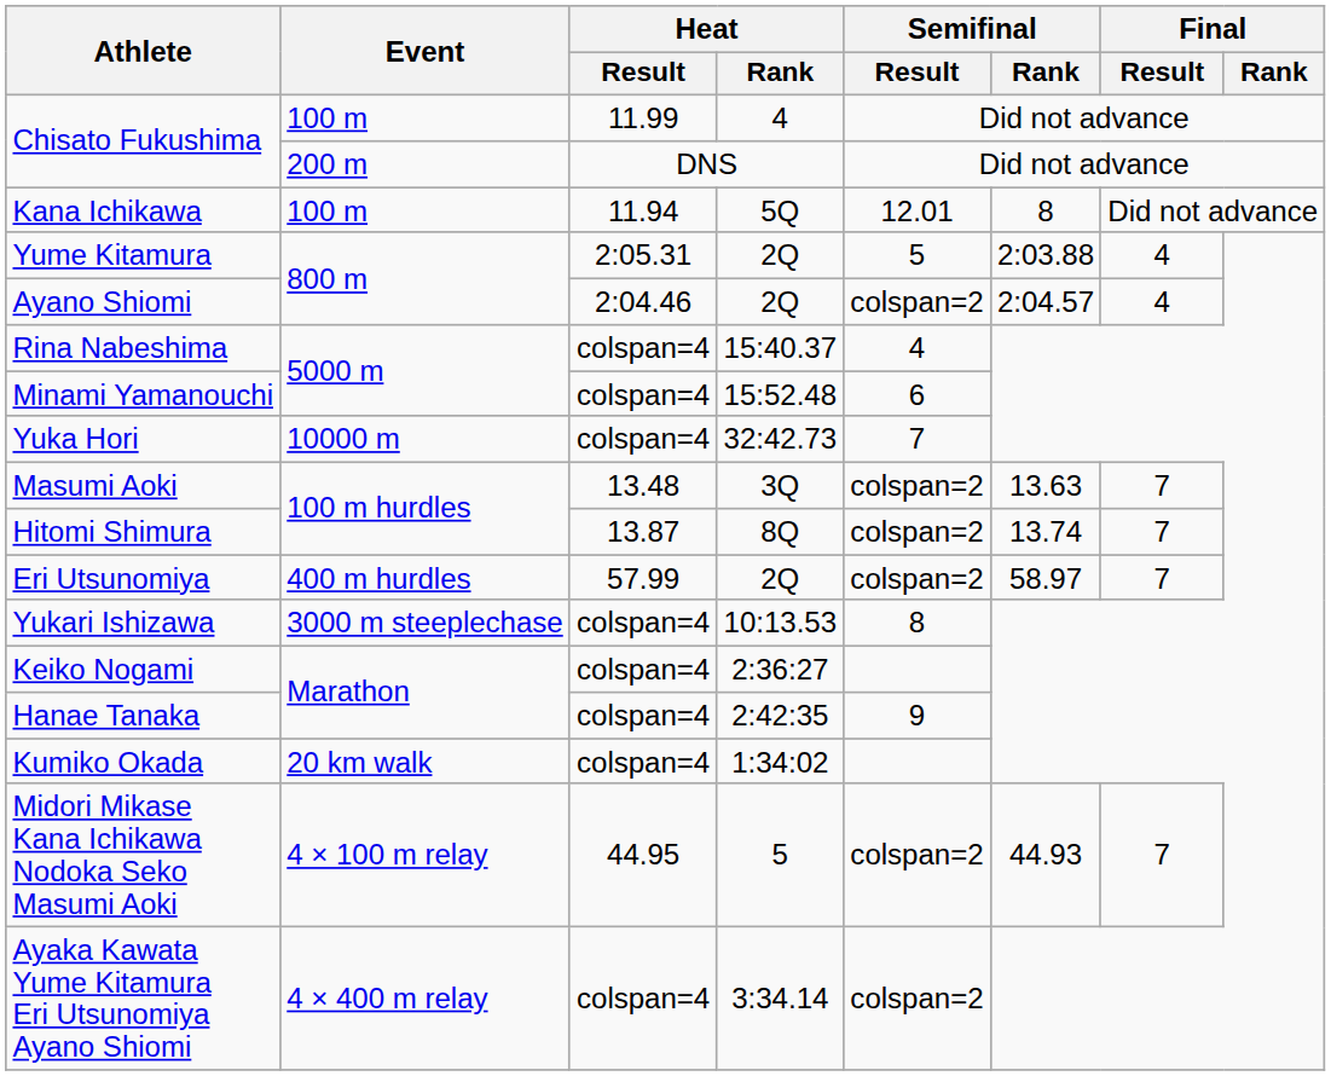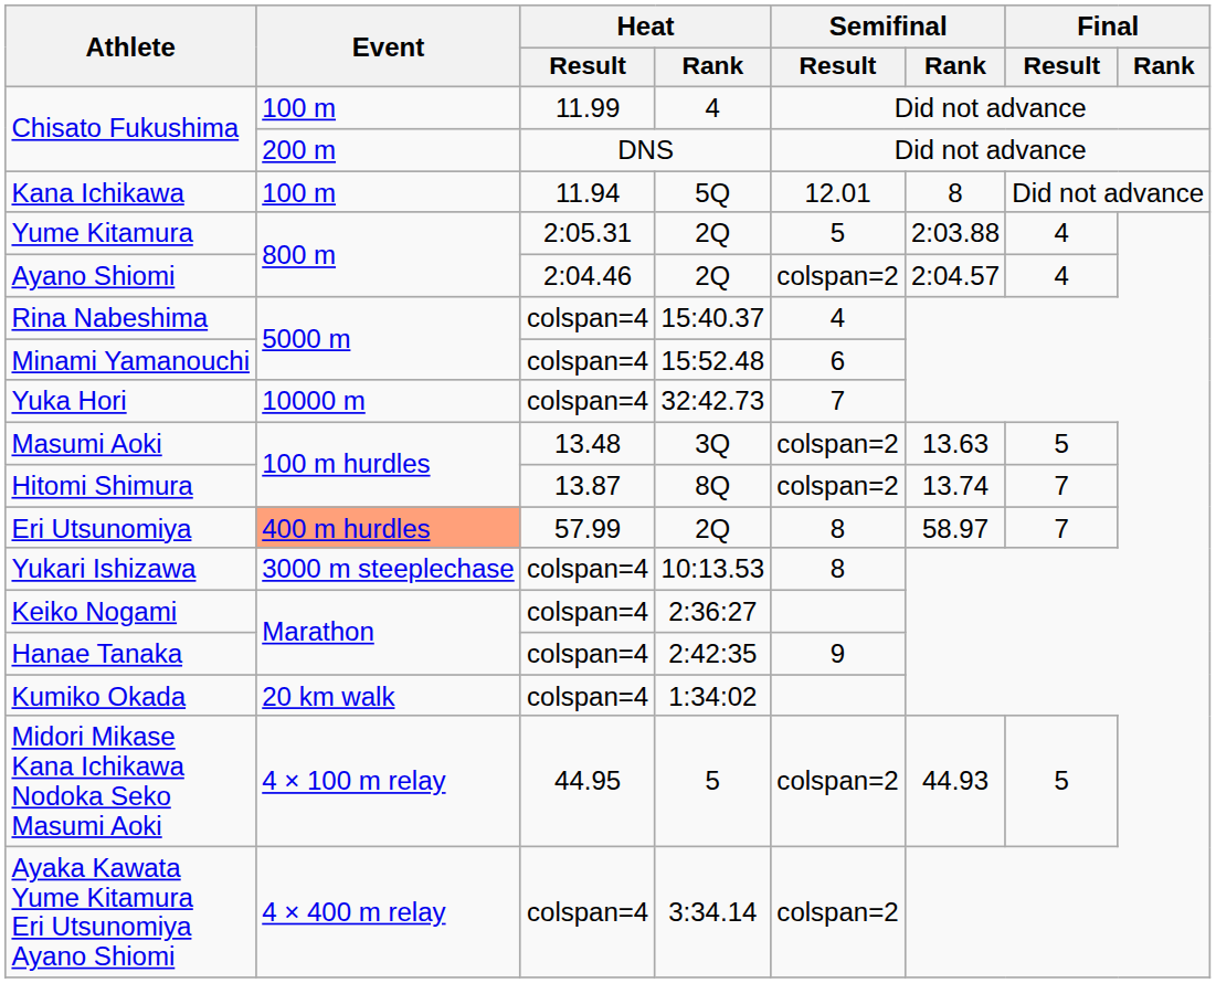 <table class="wikitable" style="font-size:90%">
 <tr>
 <th rowspan="2">Athlete</th>
 <th rowspan="2">Event</th>
 <th colspan="2">Heat</th>
 <th colspan="2">Semifinal</th>
 <th colspan="2">Final</th>
 </tr>
 <tr style="font-size:95%">
 <th>Result</th>
 <th>Rank</th>
 <th>Result</th>
 <th>Rank</th>
 <th>Result</th>
 <th>Rank</th>
 </tr>
 <tr style="text-align:center">
 <td style="text-align:left" rowspan=2><a href='#'>Chisato Fukushima</a></td>
 <td style="text-align:left"><a href='#'>100 m</a></td>
 <td>11.99</td>
 <td>4</td>
 <td colspan=4>Did not advance</td>
 </tr>
 <tr style="text-align:center">
 <td style="text-align:left"><a href='#'>200 m</a></td>
 <td colspan=2>DNS</td>
 <td colspan=4>Did not advance</td>
 </tr>
 <tr style="text-align:center">
 <td style="text-align:left"><a href='#'>Kana Ichikawa</a></td>
 <td style="text-align:left"><a href='#'>100 m</a></td>
 <td>11.94</td>
 <td>5Q</td>
 <td>12.01</td>
 <td>8</td>
 <td colspan=2>Did not advance</td>
 </tr>
 <tr style="text-align:center">
 <td style="text-align:left"><a href='#'>Yume Kitamura</a></td>
 <td style="text-align:left" rowspan=2><a href='#'>800 m</a></td>
 <td>2:05.31</td>
 <td>2Q</td>
 <td>5</td>
 <td>2:03.88</td>
 <td>4</td>
 </tr>
 <tr style="text-align:center">
 <td style="text-align:left"><a href='#'>Ayano Shiomi</a></td>
 <td>2:04.46</td>
 <td>2Q</td>
 <td>colspan=2 </td>
 <td>2:04.57</td>
 <td>4</td>
 </tr>
 <tr style="text-align:center">
 <td style="text-align:left"><a href='#'>Rina Nabeshima</a></td>
 <td style="text-align:left" rowspan=2><a href='#'>5000 m</a></td>
 <td>colspan=4 </td>
 <td>15:40.37</td>
 <td>4</td>
 </tr>
 <tr style="text-align:center">
 <td style="text-align:left"><a href='#'>Minami Yamanouchi</a></td>
 <td>colspan=4 </td>
 <td>15:52.48</td>
 <td>6</td>
 </tr>
 <tr style="text-align:center">
 <td style="text-align:left"><a href='#'>Yuka Hori</a></td>
 <td style="text-align:left"><a href='#'>10000 m</a></td>
 <td>colspan=4 </td>
 <td>32:42.73</td>
 <td>7</td>
 </tr>
 <tr style="text-align:center">
 <td style="text-align:left"><a href='#'>Masumi Aoki</a></td>
 <td style="text-align:left" rowspan=2><a href='#'>100 m hurdles</a></td>
 <td>13.48</td>
 <td>3Q</td>
 <td>colspan=2 </td>
 <td>13.63</td>
-<td>7</td>
+<td>5</td>
 </tr>
 <tr style="text-align:center">
 <td style="text-align:left"><a href='#'>Hitomi Shimura</a></td>
 <td>13.87</td>
 <td>8Q</td>
 <td>colspan=2 </td>
 <td>13.74</td>
 <td>7</td>
 </tr>
 <tr style="text-align:center">
 <td style="text-align:left"><a href='#'>Eri Utsunomiya</a></td>
-<td style="text-align:left"><a href='#'>400 m hurdles</a></td>
+<td style="background: lightsalmon; text-align:left"><a href='#'>400 m hurdles</a></td>
 <td>57.99</td>
 <td>2Q</td>
-<td>colspan=2 </td>
+<td>8</td>
 <td>58.97</td>
 <td>7</td>
 </tr>
 <tr style="text-align:center">
 <td style="text-align:left"><a href='#'>Yukari Ishizawa</a></td>
 <td style="text-align:left"><a href='#'>3000 m steeplechase</a></td>
 <td>colspan=4 </td>
 <td>10:13.53</td>
 <td>8</td>
 </tr>
 <tr style="text-align:center">
 <td style="text-align:left"><a href='#'>Keiko Nogami</a></td>
 <td style="text-align:left" rowspan=2><a href='#'>Marathon</a></td>
 <td>colspan=4 </td>
 <td>2:36:27</td>
 <td></td>
 </tr>
 <tr style="text-align:center">
 <td style="text-align:left"><a href='#'>Hanae Tanaka</a></td>
 <td>colspan=4 </td>
 <td>2:42:35</td>
 <td>9</td>
 </tr>
 <tr style="text-align:center">
 <td style="text-align:left"><a href='#'>Kumiko Okada</a></td>
 <td style="text-align:left"><a href='#'>20 km walk</a></td>
 <td>colspan=4 </td>
 <td>1:34:02</td>
 <td></td>
 </tr>
 <tr style="text-align:center">
 <td style="text-align:left"><a href='#'>Midori Mikase</a><br><a href='#'>Kana Ichikawa</a><br><a href='#'>Nodoka Seko</a><br><a href='#'>Masumi Aoki</a></td>
 <td style="text-align:left"><a href='#'>4 × 100 m relay</a></td>
 <td>44.95</td>
 <td>5</td>
 <td>colspan=2 </td>
 <td>44.93</td>
-<td>7</td>
+<td>5</td>
 </tr>
 <tr style="text-align:center">
 <td style="text-align:left"><a href='#'>Ayaka Kawata</a><br><a href='#'>Yume Kitamura</a><br><a href='#'>Eri Utsunomiya</a><br><a href='#'>Ayano Shiomi</a></td>
 <td style="text-align:left"><a href='#'>4 × 400 m relay</a></td>
 <td>colspan=4 </td>
 <td>3:34.14</td>
 <td>colspan=2 </td>
 </tr>
 </table>
